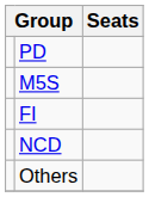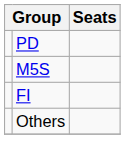 <table class="wikitable" style="font-size:95%">
 <tr>
 <th colspan="2">Group</th>
 <th>Seats</th>
 </tr>
 <tr>
 <td style="background-color:"></td>
 <td align="left"><a href='#'>PD</a></td>
 <td align="right"></td>
 </tr>
 <tr>
 <td style="background-color:"></td>
 <td align="left"><a href='#'>M5S</a></td>
 <td align="right"></td>
 </tr>
 <tr>
 <td style="background-color:"></td>
 <td align="left"><a href='#'>FI</a></td>
 <td align="right"></td>
 </tr>
 <tr>
 <td style="background-color:"></td>
-<td align="left"><a href='#'>NCD</a></td>
-<td align="right"></td>
-</tr>
-<tr>
-<td style="background-color:"></td>
 <td align="left">Others</td>
 <td align="right"></td>
 </tr>
 <tr>
 </tr>
 </table>
